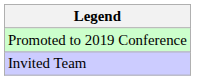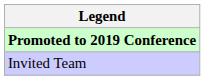 <table class="wikitable">
 <tr>
 <th>Legend</th>
 </tr>
 <tr bgcolor=ccffcc>
-<td>Promoted to 2019 Conference</td>
+<td><strong>Promoted to 2019 Conference</strong></td>
 </tr>
 <tr bgcolor=ccccff>
 <td>Invited Team</td>
 </tr>
 </table>
